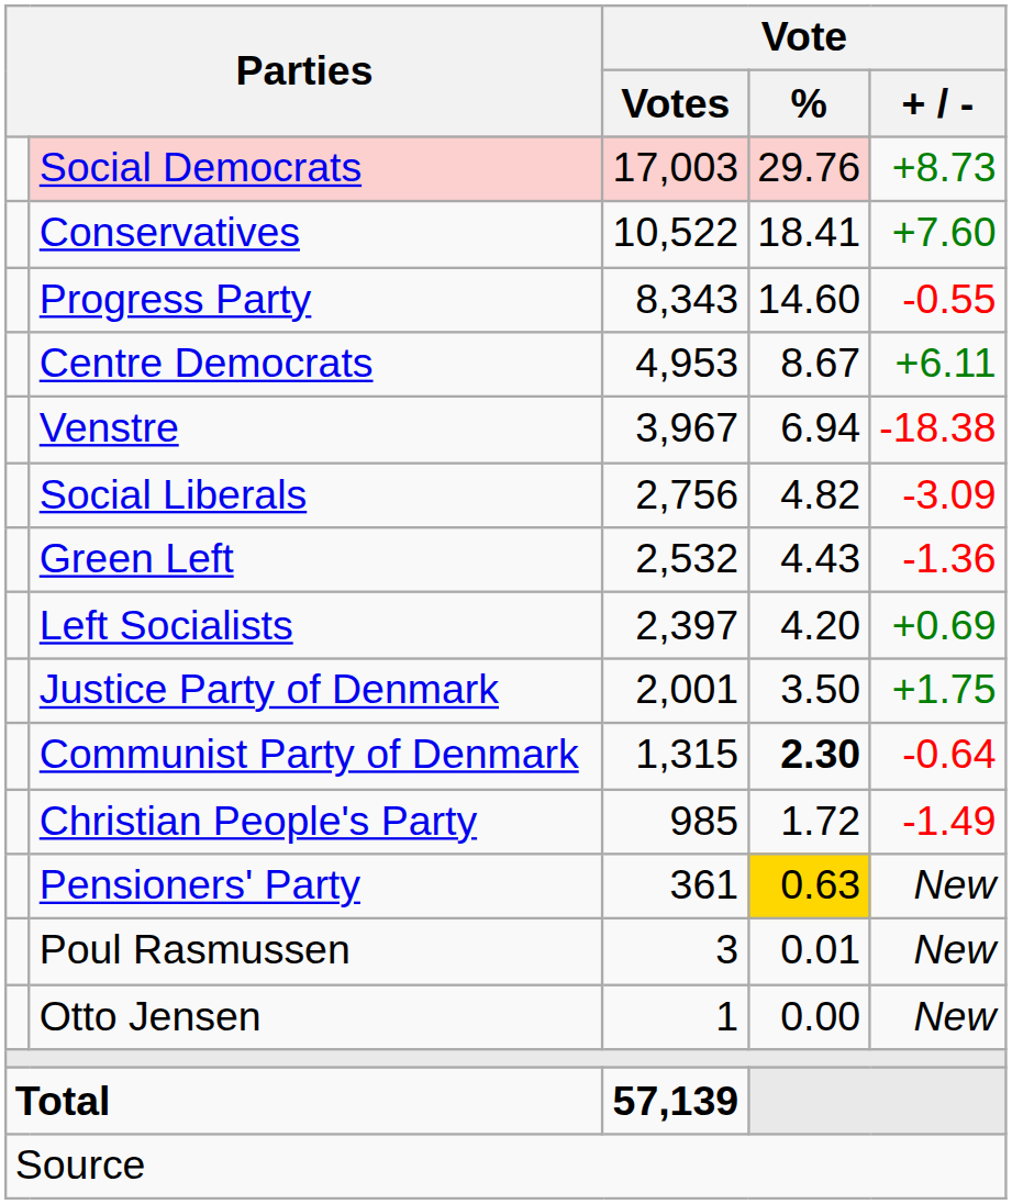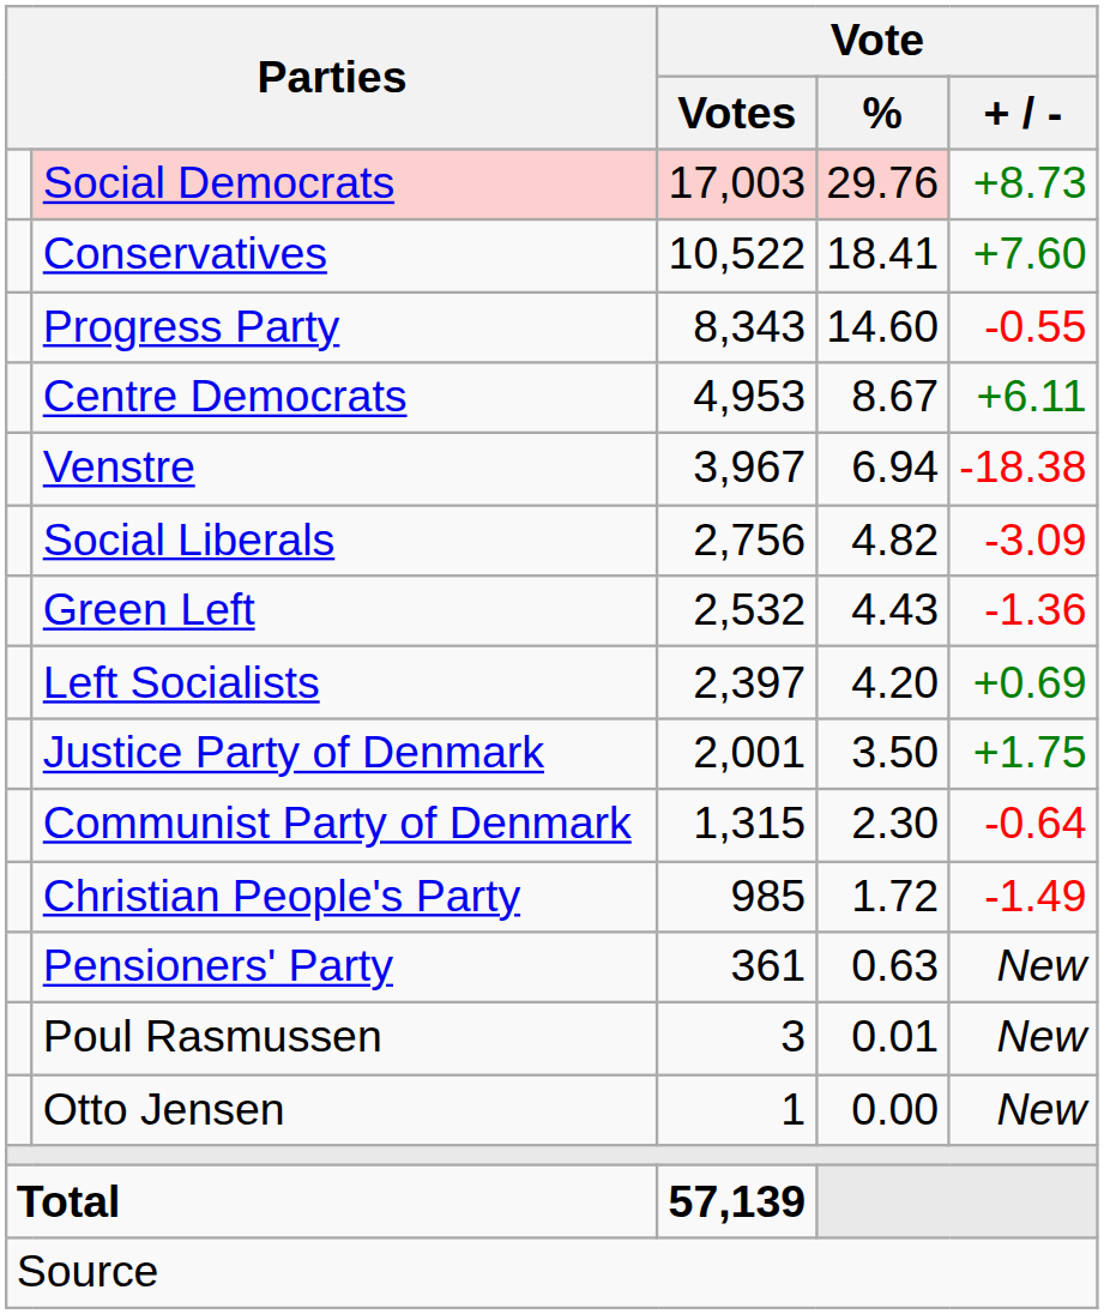 <table class="wikitable" style="text-align:right;">
 <tr>
 <th style="text-align:centre;" rowspan="2" colspan="2" width="225">Parties</th>
 <th colspan="3">Vote</th>
 </tr>
 <tr>
 <th width="15">Votes</th>
 <th width="15">%</th>
 <th width="15">+ / -</th>
 </tr>
 <tr>
 <td width="2" style="color:inherit;background:"></td>
 <td bgcolor=#fbd0ce  align="left"><a href='#'>Social Democrats</a></td>
 <td bgcolor=#fbd0ce>17,003</td>
 <td bgcolor=#fbd0ce>29.76</td>
 <td style=color:green;>+8.73</td>
 </tr>
 <tr>
 <td width="2" style="color:inherit;background:"></td>
 <td align="left"><a href='#'>Conservatives</a></td>
 <td>10,522</td>
 <td>18.41</td>
 <td style=color:green;>+7.60</td>
 </tr>
 <tr>
 <td width="2" style="color:inherit;background:"></td>
 <td align="left"><a href='#'>Progress Party</a></td>
 <td>8,343</td>
 <td>14.60</td>
 <td style=color:red;>-0.55</td>
 </tr>
 <tr>
 <td width="2" style="color:inherit;background:"></td>
 <td align="left"><a href='#'>Centre Democrats</a></td>
 <td>4,953</td>
 <td>8.67</td>
 <td style=color:green;>+6.11</td>
 </tr>
 <tr>
 <td width="2" style="color:inherit;background:"></td>
 <td align="left"><a href='#'>Venstre</a></td>
 <td>3,967</td>
 <td>6.94</td>
 <td style=color:red;>-18.38</td>
 </tr>
 <tr>
 <td width="2" style="color:inherit;background:"></td>
 <td align="left"><a href='#'>Social Liberals</a></td>
 <td>2,756</td>
 <td>4.82</td>
 <td style=color:red;>-3.09</td>
 </tr>
 <tr>
 <td width="2" style="color:inherit;background:"></td>
 <td align="left"><a href='#'>Green Left</a></td>
 <td>2,532</td>
 <td>4.43</td>
 <td style=color:red;>-1.36</td>
 </tr>
 <tr>
 <td width="2" style="color:inherit;background:"></td>
 <td align="left"><a href='#'>Left Socialists</a></td>
 <td>2,397</td>
 <td>4.20</td>
 <td style=color:green;>+0.69</td>
 </tr>
 <tr>
 <td width="2" style="color:inherit;background:"></td>
 <td align="left"><a href='#'>Justice Party of Denmark</a></td>
 <td>2,001</td>
 <td>3.50</td>
 <td style=color:green;>+1.75</td>
 </tr>
 <tr>
 <td width="2" style="color:inherit;background:"></td>
 <td align="left"><a href='#'>Communist Party of Denmark</a></td>
 <td>1,315</td>
-<td><strong>2.30</strong></td>
+<td>2.30</td>
 <td style=color:red;>-0.64</td>
 </tr>
 <tr>
 <td width="2" style="color:inherit;background:"></td>
 <td align="left"><a href='#'>Christian People's Party</a></td>
 <td>985</td>
 <td>1.72</td>
 <td style=color:red;>-1.49</td>
 </tr>
 <tr>
 <td width="2" style="color:inherit;background:"></td>
 <td align="left"><a href='#'>Pensioners' Party</a></td>
 <td>361</td>
-<td style="background: gold;">0.63</td>
+<td>0.63</td>
 <td><em>New</em></td>
 </tr>
 <tr>
 <td width="2" style="color:inherit;background:"></td>
 <td align="left">Poul Rasmussen</td>
 <td>3</td>
 <td>0.01</td>
 <td><em>New</em></td>
 </tr>
 <tr>
 <td width="2" style="color:inherit;background:"></td>
 <td align="left">Otto Jensen</td>
 <td>1</td>
 <td>0.00</td>
 <td><em>New</em></td>
 </tr>
 <tr>
 <td colspan="7" bgcolor="#E9E9E9"></td>
 </tr>
 <tr>
 <td align="left" colspan="2"><strong>Total</strong></td>
 <td><strong>57,139</strong></td>
 <td bgcolor="#E9E9E9" colspan="2"></td>
 </tr>
 <tr>
 <td align="left" colspan="6">Source</td>
 </tr>
 </table>
